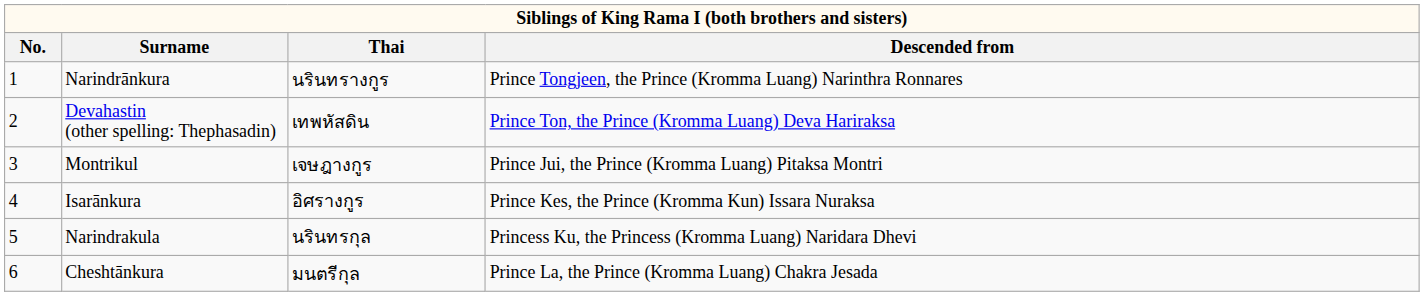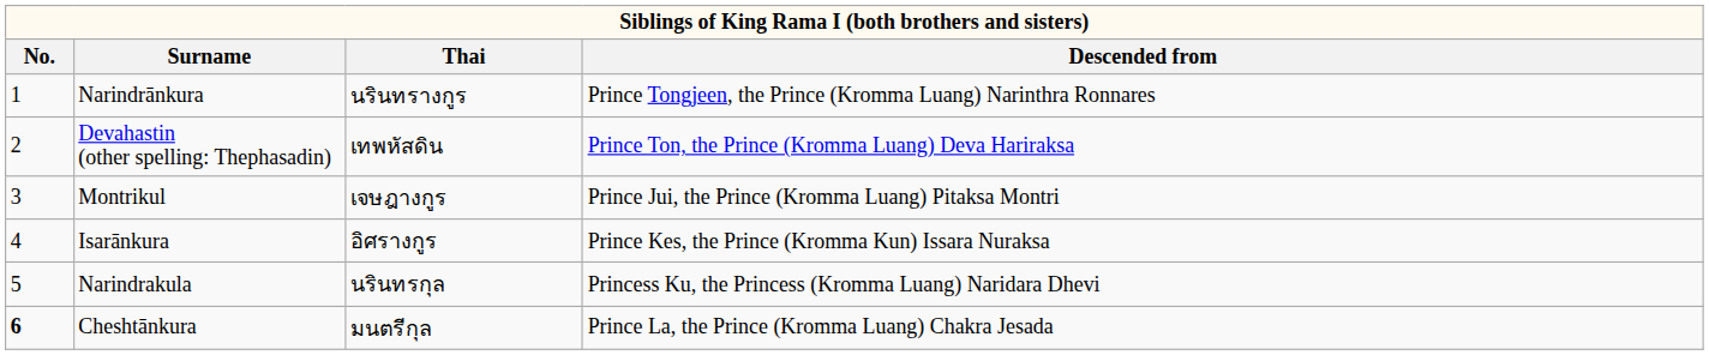 <table class="wikitable collapsible collapsed" style="width:100%;">
 <tr>
 <th style="align: center; background: #fffaf0;" colspan="4"><strong>Siblings of King Rama I (both brothers and sisters)</strong></th>
 </tr>
 <tr>
 <th style="width:4%;">No.</th>
 <th style="width:16%;">Surname</th>
 <th style="width:14%;">Thai</th>
 <th style="width:66%;">Descended from</th>
 </tr>
 <tr>
 <td>1</td>
 <td>Narindrānkura</td>
 <td>นรินทรางกูร</td>
 <td>Prince <a href='#'>Tongjeen</a>, the Prince (Kromma Luang) Narinthra Ronnares</td>
 </tr>
 <tr>
 <td>2</td>
 <td><a href='#'>Devahastin</a><br>(other spelling: Thephasadin)</td>
 <td>เทพหัสดิน</td>
 <td><a href='#'>Prince Ton, the Prince (Kromma Luang) Deva Hariraksa</a></td>
 </tr>
 <tr>
 <td>3</td>
 <td>Montrikul</td>
 <td>เจษฎางกูร</td>
 <td>Prince Jui, the Prince (Kromma Luang) Pitaksa Montri</td>
 </tr>
 <tr>
 <td>4</td>
 <td>Isarānkura</td>
 <td>อิศรางกูร</td>
 <td>Prince Kes, the Prince (Kromma Kun) Issara Nuraksa</td>
 </tr>
 <tr>
 <td>5</td>
 <td>Narindrakula</td>
 <td>นรินทรกุล</td>
 <td>Princess Ku, the Princess (Kromma Luang) Naridara Dhevi</td>
 </tr>
 <tr>
-<td>6</td>
+<td><strong>6</strong></td>
 <td>Cheshtānkura</td>
 <td>มนตรีกุล</td>
 <td>Prince La, the Prince (Kromma Luang) Chakra Jesada</td>
 </tr>
 </table>
